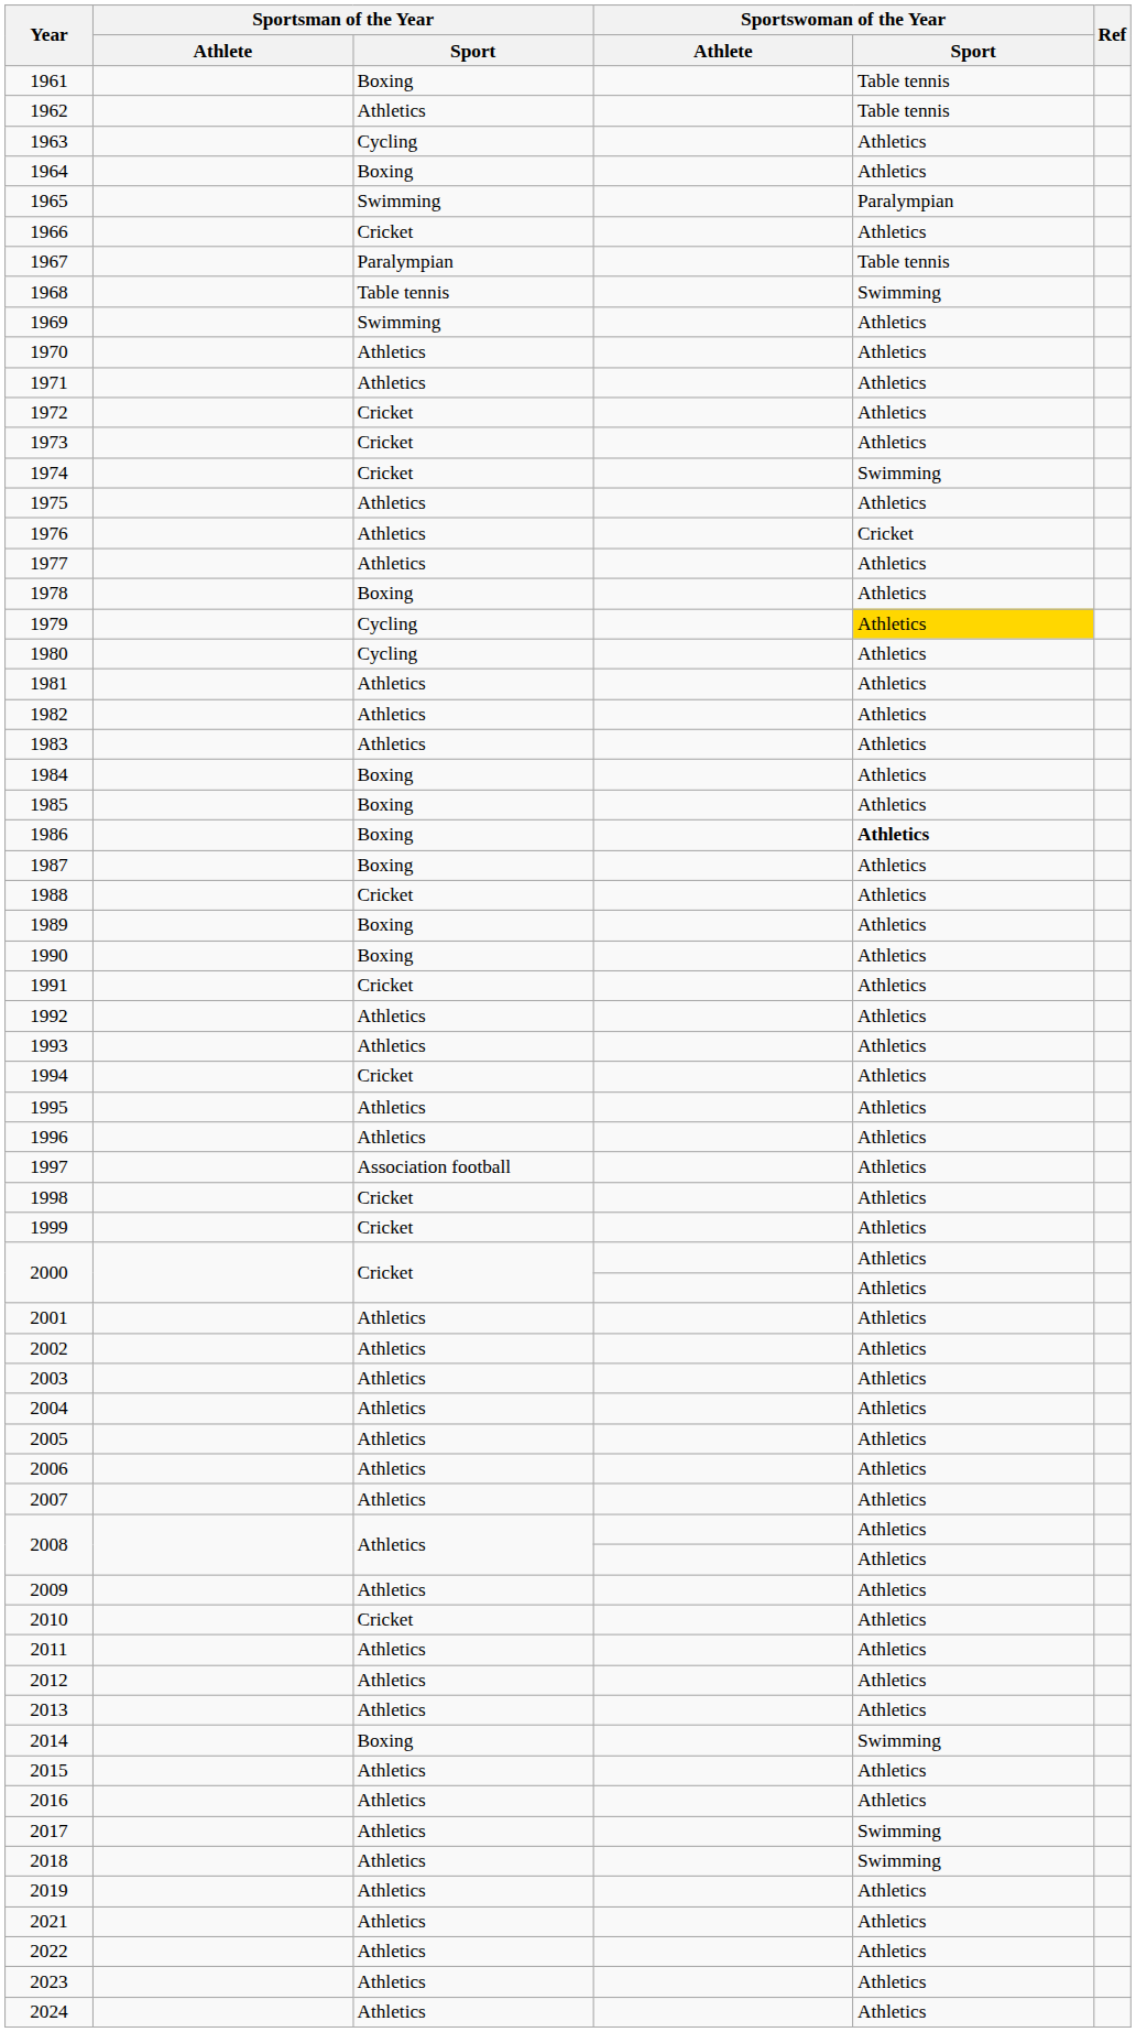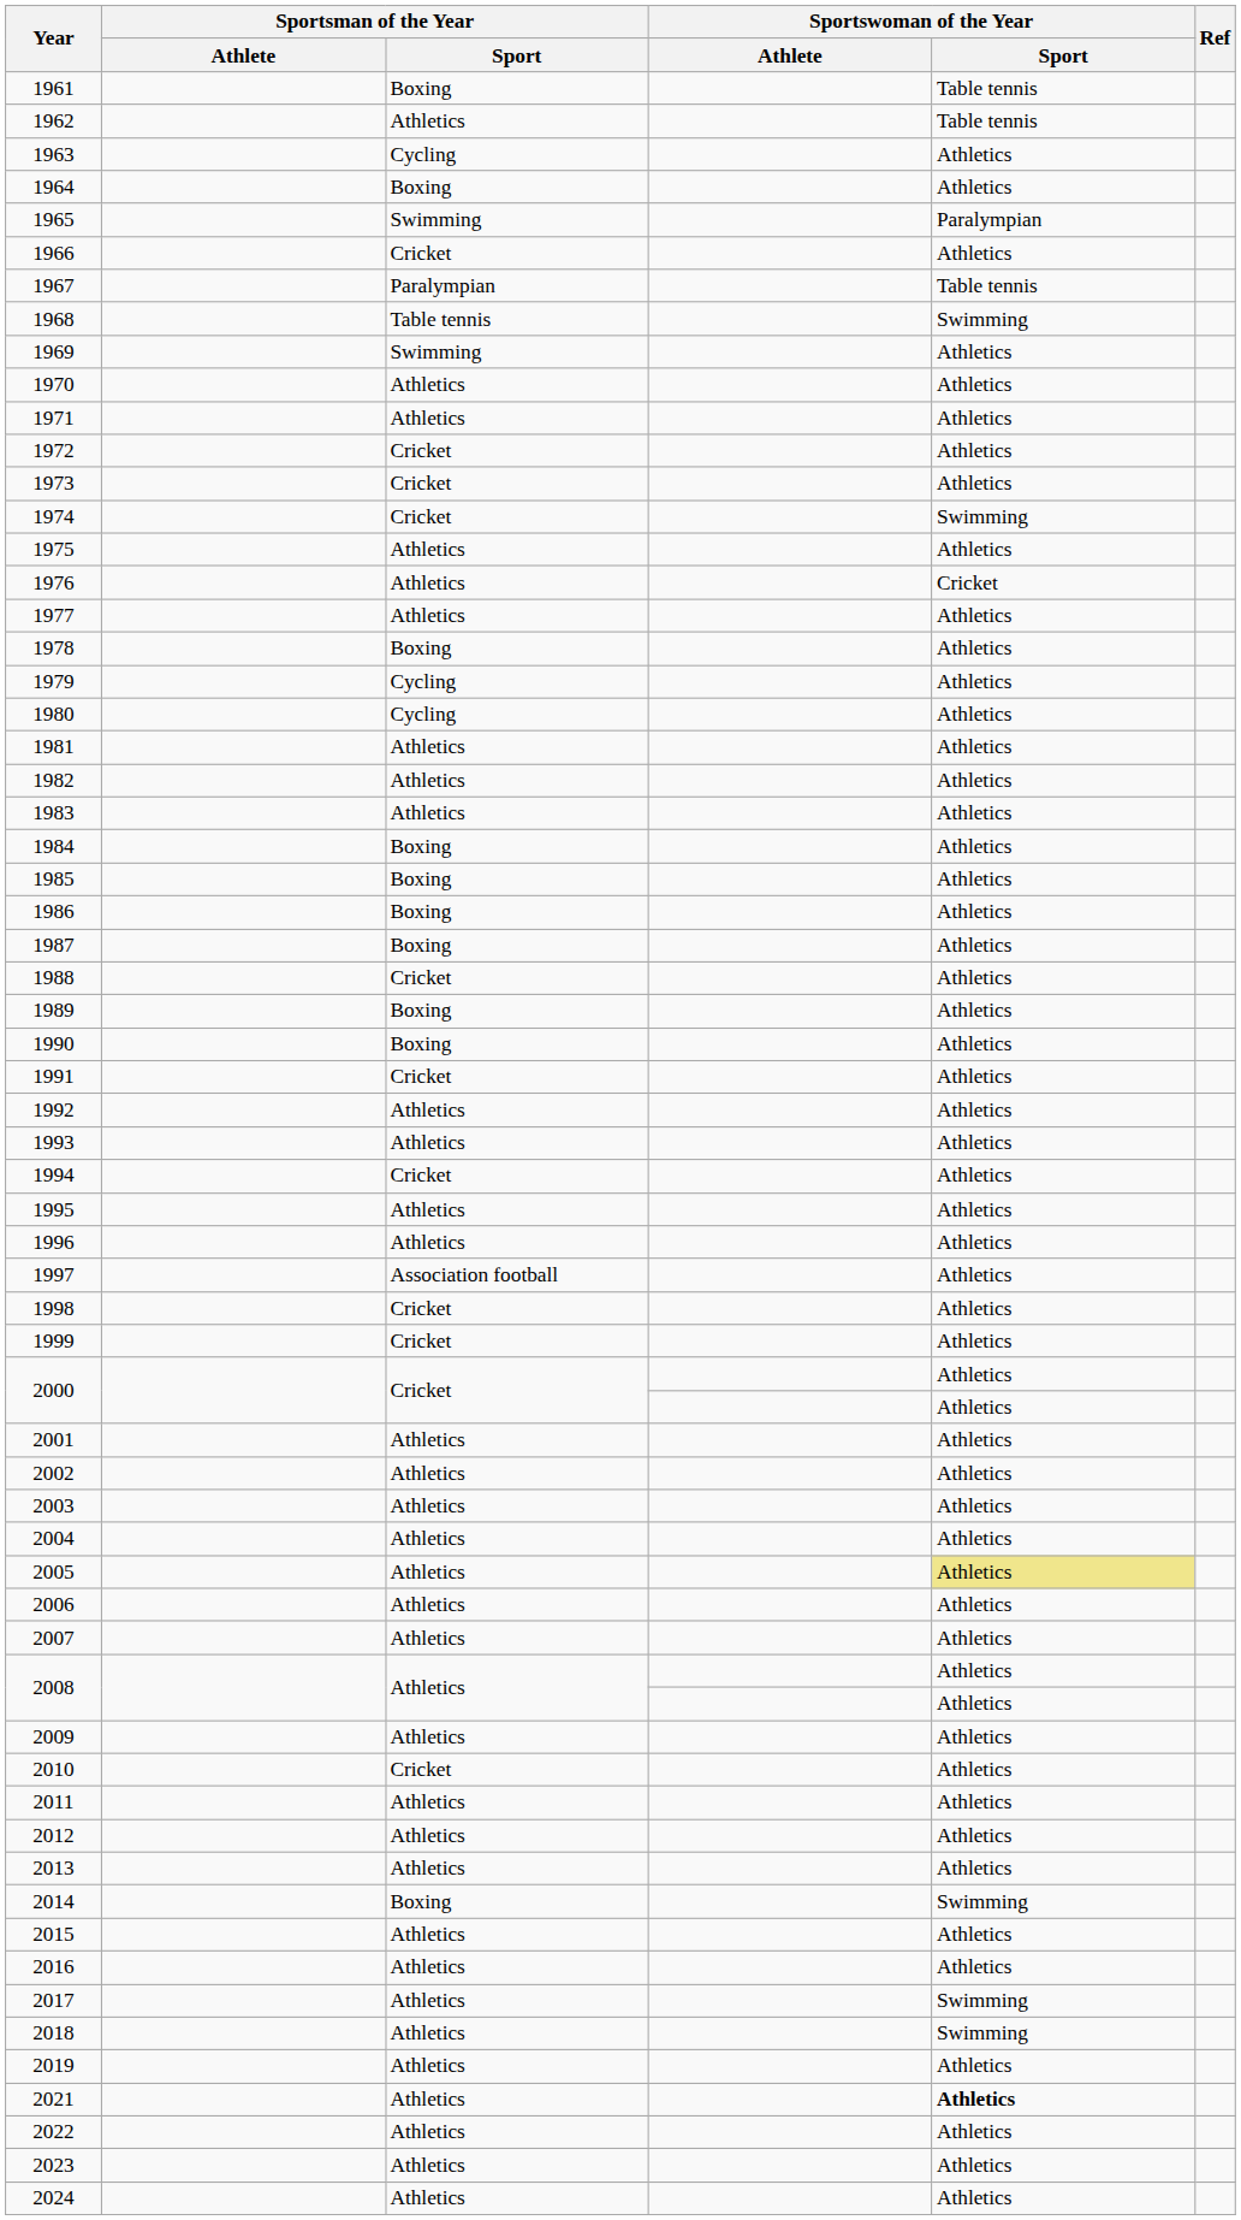 <table class="sortable wikitable plainrowheaders" width=75% style="text-align:center;">
 <tr>
 <th rowspan=2 width="8%">Year</th>
 <th colspan=2>Sportsman of the Year</th>
 <th colspan=2>Sportswoman of the Year</th>
 <th rowspan=2>Ref</th>
 </tr>
 <tr>
 <th width="24%">Athlete </th>
 <th width="22%">Sport</th>
 <th width="24%">Athlete </th>
 <th width="22%">Sport</th>
 </tr>
 <tr>
 <td>1961</td>
 <td align=left></td>
 <td align=left>Boxing</td>
 <td align=left></td>
 <td align=left>Table tennis</td>
 <td></td>
 </tr>
 <tr>
 <td>1962</td>
 <td align=left></td>
 <td align=left>Athletics</td>
 <td align=left></td>
 <td align=left>Table tennis</td>
 <td></td>
 </tr>
 <tr>
 <td>1963</td>
 <td align=left></td>
 <td align=left>Cycling</td>
 <td align=left></td>
 <td align=left>Athletics</td>
 <td></td>
 </tr>
 <tr>
 <td>1964</td>
 <td align=left></td>
 <td align=left>Boxing</td>
 <td align=left> </td>
 <td align=left>Athletics</td>
 <td></td>
 </tr>
 <tr>
 <td>1965</td>
 <td align=left></td>
 <td align=left>Swimming</td>
 <td align=left></td>
 <td align=left>Paralympian</td>
 <td></td>
 </tr>
 <tr>
 <td>1966</td>
 <td align=left></td>
 <td align=left>Cricket</td>
 <td align=left></td>
 <td align=left>Athletics</td>
 <td></td>
 </tr>
 <tr>
 <td>1967</td>
 <td align=left></td>
 <td align=left>Paralympian</td>
 <td align=left> </td>
 <td align=left>Table tennis</td>
 <td></td>
 </tr>
 <tr>
 <td>1968</td>
 <td align=left></td>
 <td align=left>Table tennis</td>
 <td align=left></td>
 <td align=left>Swimming</td>
 <td></td>
 </tr>
 <tr>
 <td>1969</td>
 <td align=left></td>
 <td align=left>Swimming</td>
 <td align=left></td>
 <td align=left>Athletics</td>
 <td></td>
 </tr>
 <tr>
 <td>1970</td>
 <td align=left></td>
 <td align=left>Athletics</td>
 <td align=left></td>
 <td align=left>Athletics</td>
 <td></td>
 </tr>
 <tr>
 <td>1971</td>
 <td align=left> </td>
 <td align=left>Athletics</td>
 <td align=left> </td>
 <td align=left>Athletics</td>
 <td></td>
 </tr>
 <tr>
 <td>1972</td>
 <td align=left></td>
 <td align=left>Cricket</td>
 <td align=left> </td>
 <td align=left>Athletics</td>
 <td></td>
 </tr>
 <tr>
 <td>1973</td>
 <td align=left></td>
 <td align=left>Cricket</td>
 <td align=left></td>
 <td align=left>Athletics</td>
 <td></td>
 </tr>
 <tr>
 <td>1974</td>
 <td align=left> </td>
 <td align=left>Cricket</td>
 <td align=left></td>
 <td align=left>Swimming</td>
 <td></td>
 </tr>
 <tr>
 <td>1975</td>
 <td align=left> </td>
 <td align=left>Athletics</td>
 <td align=left> </td>
 <td align=left>Athletics</td>
 <td></td>
 </tr>
 <tr>
 <td>1976</td>
 <td align=left> </td>
 <td align=left>Athletics</td>
 <td align=left></td>
 <td align=left>Cricket</td>
 <td></td>
 </tr>
 <tr>
 <td>1977</td>
 <td align=left> </td>
 <td align=left>Athletics</td>
 <td align=left></td>
 <td align=left>Athletics</td>
 <td></td>
 </tr>
 <tr>
 <td>1978</td>
 <td align=left></td>
 <td align=left>Boxing</td>
 <td align=left></td>
 <td align=left>Athletics</td>
 <td></td>
 </tr>
 <tr>
 <td>1979</td>
 <td align=left></td>
 <td align=left>Cycling</td>
 <td align=left></td>
-<td align=left style="background: gold;">Athletics</td>
+<td align=left>Athletics</td>
 <td></td>
 </tr>
 <tr>
 <td>1980</td>
 <td align=left> </td>
 <td align=left>Cycling</td>
 <td align=left> </td>
 <td align=left>Athletics</td>
 <td></td>
 </tr>
 <tr>
 <td>1981</td>
 <td align=left></td>
 <td align=left>Athletics</td>
 <td align=left></td>
 <td align=left>Athletics</td>
 <td></td>
 </tr>
 <tr>
 <td>1982</td>
 <td align=left> </td>
 <td align=left>Athletics</td>
 <td align=left> </td>
 <td align=left>Athletics</td>
 <td></td>
 </tr>
 <tr>
 <td>1983</td>
 <td align=left> </td>
 <td align=left>Athletics</td>
 <td align=left> </td>
 <td align=left>Athletics</td>
 <td></td>
 </tr>
 <tr>
 <td>1984</td>
 <td align=left> </td>
 <td align=left>Boxing</td>
 <td align=left> </td>
 <td align=left>Athletics</td>
 <td></td>
 </tr>
 <tr>
 <td>1985</td>
 <td align=left> </td>
 <td align=left>Boxing</td>
 <td align=left> </td>
 <td align=left>Athletics</td>
 <td></td>
 </tr>
 <tr>
 <td>1986</td>
 <td align=left> </td>
 <td align=left>Boxing</td>
 <td align=left></td>
-<td align=left><strong>Athletics</strong></td>
+<td align=left>Athletics</td>
 <td></td>
 </tr>
 <tr>
 <td>1987</td>
 <td align=left> </td>
 <td align=left>Boxing</td>
 <td align=left> </td>
 <td align=left>Athletics</td>
 <td></td>
 </tr>
 <tr>
 <td>1988</td>
 <td align=left></td>
 <td align=left>Cricket</td>
 <td align=left> </td>
 <td align=left>Athletics</td>
 <td></td>
 </tr>
 <tr>
 <td>1989</td>
 <td align=left> </td>
 <td align=left>Boxing</td>
 <td align=left> </td>
 <td align=left>Athletics</td>
 <td></td>
 </tr>
 <tr>
 <td>1990</td>
 <td align=left> </td>
 <td align=left>Boxing</td>
 <td align=left> </td>
 <td align=left>Athletics</td>
 <td></td>
 </tr>
 <tr>
 <td>1991</td>
 <td align=left></td>
 <td align=left>Cricket</td>
 <td align=left> </td>
 <td align=left>Athletics</td>
 <td></td>
 </tr>
 <tr>
 <td>1992</td>
 <td align=left></td>
 <td align=left>Athletics</td>
 <td align=left></td>
 <td align=left>Athletics</td>
 <td></td>
 </tr>
 <tr>
 <td>1993</td>
 <td align=left> </td>
 <td align=left>Athletics</td>
 <td align=left> </td>
 <td align=left>Athletics</td>
 <td></td>
 </tr>
 <tr>
 <td>1994</td>
 <td align=left></td>
 <td align=left>Cricket</td>
 <td align=left> </td>
 <td align=left>Athletics</td>
 <td></td>
 </tr>
 <tr>
 <td>1995</td>
 <td align=left></td>
 <td align=left>Athletics</td>
 <td align=left> </td>
 <td align=left>Athletics</td>
 <td></td>
 </tr>
 <tr>
 <td>1996</td>
 <td align=left> </td>
 <td align=left>Athletics</td>
 <td align=left></td>
 <td align=left>Athletics</td>
 <td></td>
 </tr>
 <tr>
 <td>1997</td>
 <td align=left></td>
 <td align=left>Association football</td>
 <td align=left></td>
 <td align=left>Athletics</td>
 <td></td>
 </tr>
 <tr>
 <td>1998</td>
 <td align=left></td>
 <td align=left>Cricket</td>
 <td align=left></td>
 <td align=left>Athletics</td>
 <td></td>
 </tr>
 <tr>
 <td>1999</td>
 <td align=left> </td>
 <td align=left>Cricket</td>
 <td align=left></td>
 <td align=left>Athletics</td>
 <td></td>
 </tr>
 <tr>
 <td rowspan=2>2000</td>
 <td align=left rowspan=2> </td>
 <td align=left rowspan=2>Cricket</td>
 <td align=left> </td>
 <td align=left>Athletics</td>
 <td></td>
 </tr>
 <tr>
 <td align=left></td>
 <td align=left>Athletics</td>
 <td></td>
 </tr>
 <tr>
 <td>2001</td>
 <td align=left></td>
 <td align=left>Athletics</td>
 <td align=left> </td>
 <td align=left>Athletics</td>
 <td></td>
 </tr>
 <tr>
 <td>2002</td>
 <td align=left></td>
 <td align=left>Athletics</td>
 <td align=left></td>
 <td align=left>Athletics</td>
 <td></td>
 </tr>
 <tr>
 <td>2003</td>
 <td align=left> </td>
 <td align=left>Athletics</td>
 <td align=left> </td>
 <td align=left>Athletics</td>
 <td></td>
 </tr>
 <tr>
 <td>2004</td>
 <td align=left></td>
 <td align=left>Athletics</td>
 <td align=left></td>
 <td align=left>Athletics</td>
 <td></td>
 </tr>
 <tr>
 <td>2005</td>
 <td align=left></td>
 <td align=left>Athletics</td>
 <td align=left></td>
-<td align=left>Athletics</td>
+<td align=left style="background: khaki;">Athletics</td>
 <td></td>
 </tr>
 <tr>
 <td>2006</td>
 <td align=left> </td>
 <td align=left>Athletics</td>
 <td align=left></td>
 <td align=left>Athletics</td>
 <td></td>
 </tr>
 <tr>
 <td>2007</td>
 <td align=left> </td>
 <td align=left>Athletics</td>
 <td align=left> </td>
 <td align=left>Athletics</td>
 <td></td>
 </tr>
 <tr>
 <td rowspan=2>2008</td>
 <td align=left rowspan=2></td>
 <td align=left rowspan=2>Athletics</td>
 <td align=left> </td>
 <td align=left>Athletics</td>
 <td></td>
 </tr>
 <tr>
 <td align=left></td>
 <td align=left>Athletics</td>
 <td></td>
 </tr>
 <tr>
 <td>2009</td>
 <td align=left> </td>
 <td align=left>Athletics</td>
 <td align=left> </td>
 <td align=left>Athletics</td>
 <td></td>
 </tr>
 <tr>
 <td>2010</td>
 <td align=left></td>
 <td align=left>Cricket</td>
 <td align=left> </td>
 <td align=left>Athletics</td>
 <td></td>
 </tr>
 <tr>
 <td>2011</td>
 <td align=left> </td>
 <td align=left>Athletics</td>
 <td align=left> </td>
 <td align=left>Athletics</td>
 <td></td>
 </tr>
 <tr>
 <td>2012</td>
 <td align=left> </td>
 <td align=left>Athletics</td>
 <td align=left></td>
 <td align=left>Athletics</td>
 <td></td>
 </tr>
 <tr>
 <td>2013</td>
 <td align=left> </td>
 <td align=left>Athletics</td>
 <td align=left> </td>
 <td align=left>Athletics</td>
 <td></td>
 </tr>
 <tr>
 <td>2014</td>
 <td align=left></td>
 <td align=left>Boxing</td>
 <td align=left></td>
 <td align=left>Swimming</td>
 <td></td>
 </tr>
 <tr>
 <td>2015</td>
 <td align=left> </td>
 <td align=left>Athletics</td>
 <td align=left> </td>
 <td align=left>Athletics</td>
 <td></td>
 </tr>
 <tr>
 <td>2016</td>
 <td align=left> </td>
 <td align=left>Athletics</td>
 <td align=left></td>
 <td align=left>Athletics</td>
 <td></td>
 </tr>
 <tr>
 <td>2017</td>
 <td align=left></td>
 <td align=left>Athletics</td>
 <td align=left> </td>
 <td align=left>Swimming</td>
 <td></td>
 </tr>
 <tr>
 <td>2018</td>
 <td align=left></td>
 <td align=left>Athletics</td>
 <td align=left> </td>
 <td align=left>Swimming</td>
 <td></td>
 </tr>
 <tr>
 <td>2019</td>
 <td align=left></td>
 <td align=left>Athletics</td>
 <td align=left> </td>
 <td align=left>Athletics</td>
 <td></td>
 </tr>
 <tr>
 <td>2021</td>
 <td align=left></td>
 <td align=left>Athletics</td>
 <td align=left> </td>
-<td align=left>Athletics</td>
+<td align=left><strong>Athletics</strong></td>
 <td></td>
 </tr>
 <tr>
 <td>2022</td>
 <td align=left></td>
 <td align=left>Athletics</td>
 <td align=left> </td>
 <td align=left>Athletics</td>
 <td></td>
 </tr>
 <tr>
 <td>2023</td>
 <td align=left></td>
 <td align=left>Athletics</td>
 <td align=left></td>
 <td align=left>Athletics</td>
 <td></td>
 </tr>
 <tr>
 <td>2024</td>
 <td align=left></td>
 <td align=left>Athletics</td>
 <td align=left></td>
 <td align=left>Athletics</td>
 <td></td>
 </tr>
 <tr>
 </tr>
 </table>
